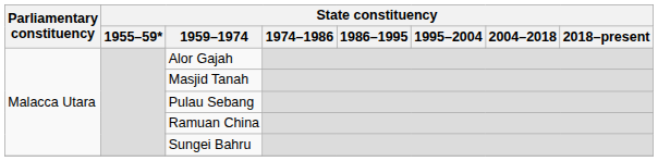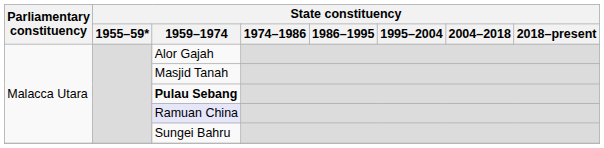 <table class="wikitable">
 <tr>
 <th rowspan="2">Parliamentary<br>constituency</th>
 <th colspan="7">State constituency</th>
 </tr>
 <tr>
 <th>1955–59*</th>
 <th>1959–1974</th>
 <th>1974–1986</th>
 <th>1986–1995</th>
 <th>1995–2004</th>
 <th>2004–2018</th>
 <th>2018–present</th>
 </tr>
 <tr>
 <td rowspan="5">Malacca Utara</td>
 <td rowspan="5" bgcolor="dcdcdc"></td>
 <td>Alor Gajah</td>
 <td colspan="5" bgcolor="dcdcdc"></td>
 </tr>
 <tr>
 <td>Masjid Tanah</td>
 <td colspan="5" bgcolor="dcdcdc"></td>
 </tr>
 <tr>
-<td>Pulau Sebang</td>
+<td><strong>Pulau Sebang</strong></td>
 <td colspan="5" bgcolor="dcdcdc"></td>
 </tr>
 <tr>
-<td>Ramuan China</td>
+<td style="background: lavender;">Ramuan China</td>
 <td colspan="5" bgcolor="dcdcdc"></td>
 </tr>
 <tr>
 <td>Sungei Bahru</td>
 <td colspan="5" bgcolor="dcdcdc"></td>
 </tr>
 <tr>
 </tr>
 </table>
